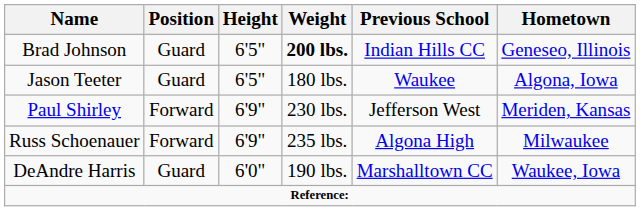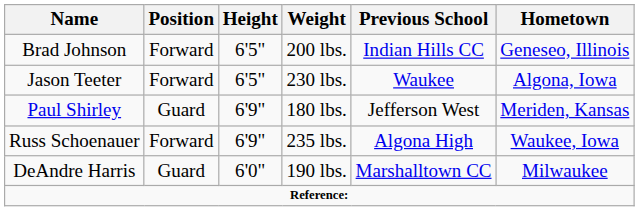 <table class="wikitable" style="text-align: center">
 <tr align=center>
 <th>Name</th>
 <th>Position</th>
 <th>Height</th>
 <th>Weight</th>
 <th>Previous School</th>
 <th>Hometown</th>
 </tr>
 <tr>
 <td>Brad Johnson</td>
-<td>Guard</td>
+<td>Forward</td>
 <td>6'5"</td>
-<td><strong>200 lbs.</strong></td>
+<td>200 lbs.</td>
 <td><a href='#'>Indian Hills CC</a></td>
 <td><a href='#'>Geneseo, Illinois</a></td>
 </tr>
 <tr>
 <td>Jason Teeter</td>
-<td>Guard</td>
+<td>Forward</td>
 <td>6'5"</td>
-<td>180 lbs.</td>
+<td>230 lbs.</td>
 <td><a href='#'>Waukee</a></td>
 <td><a href='#'>Algona, Iowa</a></td>
 </tr>
 <tr>
 <td><a href='#'>Paul Shirley</a></td>
-<td>Forward</td>
+<td>Guard</td>
 <td>6'9"</td>
-<td>230 lbs.</td>
+<td>180 lbs.</td>
 <td>Jefferson West</td>
 <td><a href='#'>Meriden, Kansas</a></td>
 </tr>
 <tr>
 <td>Russ Schoenauer</td>
 <td>Forward</td>
 <td>6'9"</td>
 <td>235 lbs.</td>
 <td><a href='#'>Algona High</a></td>
-<td><a href='#'>Milwaukee</a></td>
+<td><a href='#'>Waukee, Iowa</a></td>
 </tr>
 <tr>
 <td>DeAndre Harris</td>
 <td>Guard</td>
 <td>6'0"</td>
 <td>190 lbs.</td>
 <td><a href='#'>Marshalltown CC</a></td>
-<td><a href='#'>Waukee, Iowa</a></td>
+<td><a href='#'>Milwaukee</a></td>
 </tr>
 <tr>
 <td colspan="6"  style="font-size:8pt; text-align:center;"><strong>Reference:</strong></td>
 </tr>
 </table>
